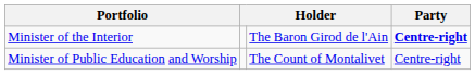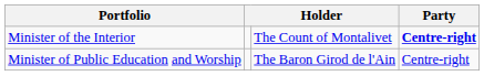 <table class="wikitable">
 <tr>
 <th>Portfolio</th>
 <th colspan=2>Holder</th>
 <th>Party</th>
 </tr>
 <tr>
 <td><a href='#'>Minister of the Interior</a></td>
 <td style="background:"></td>
-<td><a href='#'>The Baron Girod de l'Ain</a></td>
+<td><a href='#'>The Count of Montalivet</a></td>
 <td><strong><a href='#'>Centre-right</a></strong></td>
 </tr>
 <tr>
 <td><a href='#'>Minister of Public Education</a> <a href='#'>and Worship</a></td>
 <td style="background:"></td>
-<td><a href='#'>The Count of Montalivet</a></td>
+<td><a href='#'>The Baron Girod de l'Ain</a></td>
 <td><a href='#'>Centre-right</a></td>
 </tr>
 </table>
